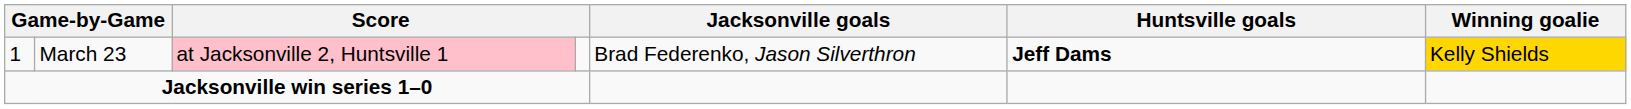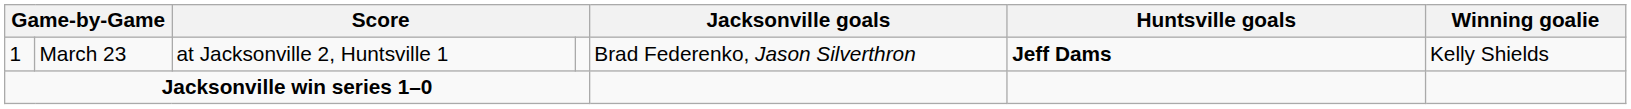 <table class="wikitable">
 <tr>
 <th width=10% colspan=2>Game-by-Game</th>
 <th width=25% colspan=2>Score</th>
 <th width=25%>Jacksonville goals</th>
 <th width=25%>Huntsville goals</th>
 <th width=12%>Winning goalie</th>
 </tr>
 <tr>
 <td>1</td>
 <td>March 23</td>
-<td style="background: pink;">at Jacksonville 2, Huntsville 1</td>
+<td>at Jacksonville 2, Huntsville 1</td>
 <td></td>
 <td>Brad Federenko, <em>Jason Silverthron</em></td>
 <td><strong>Jeff Dams</strong></td>
-<td style="background: gold;">Kelly Shields</td>
+<td>Kelly Shields</td>
 </tr>
 <tr>
 <td colspan=4 align="center"><strong>Jacksonville win series 1–0</strong></td>
 <td></td>
 <td></td>
 </tr>
 </table>
